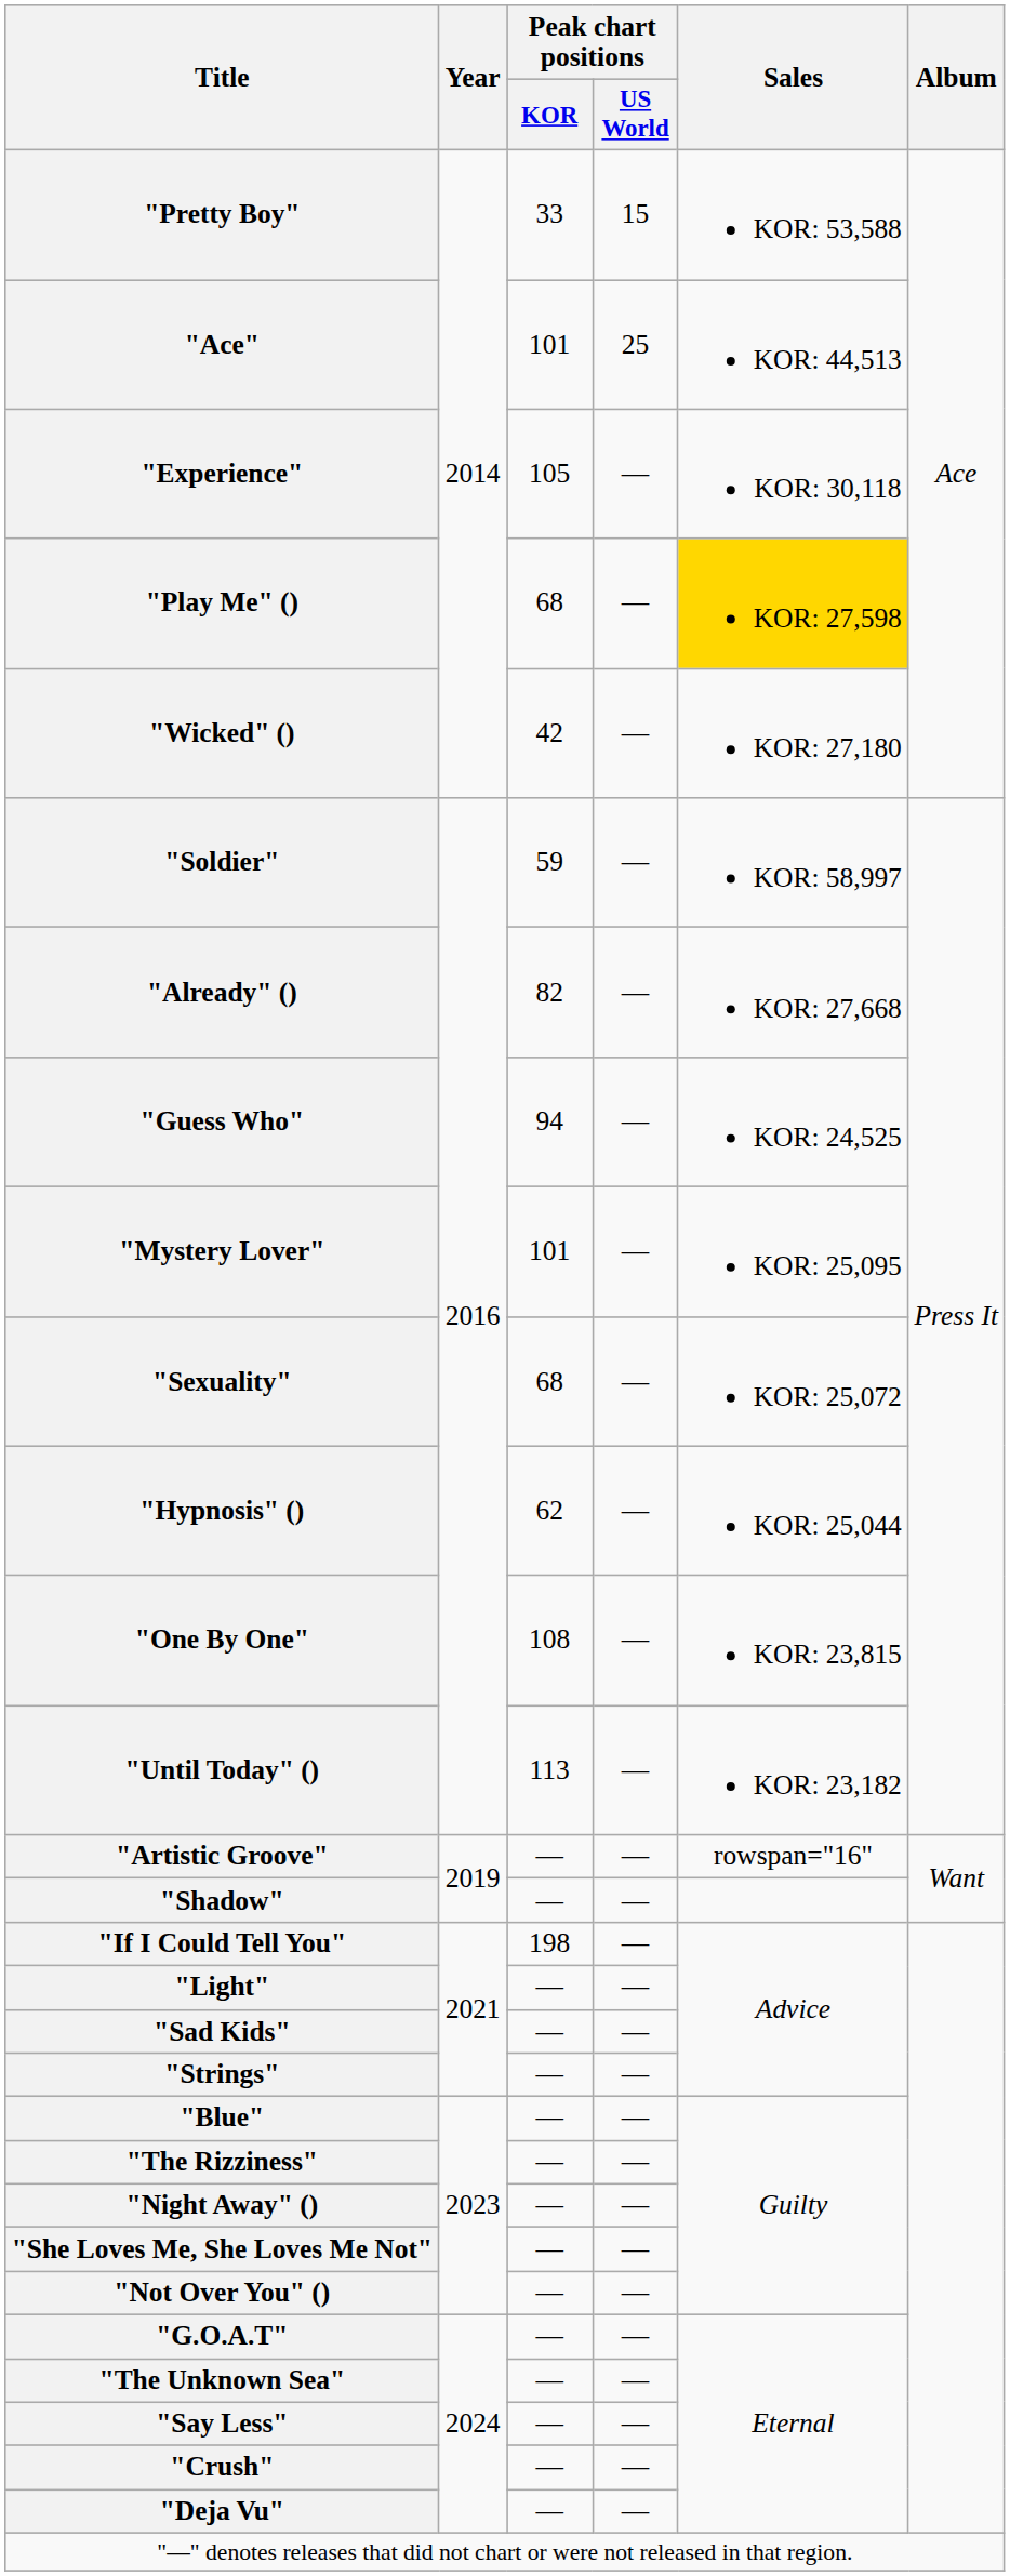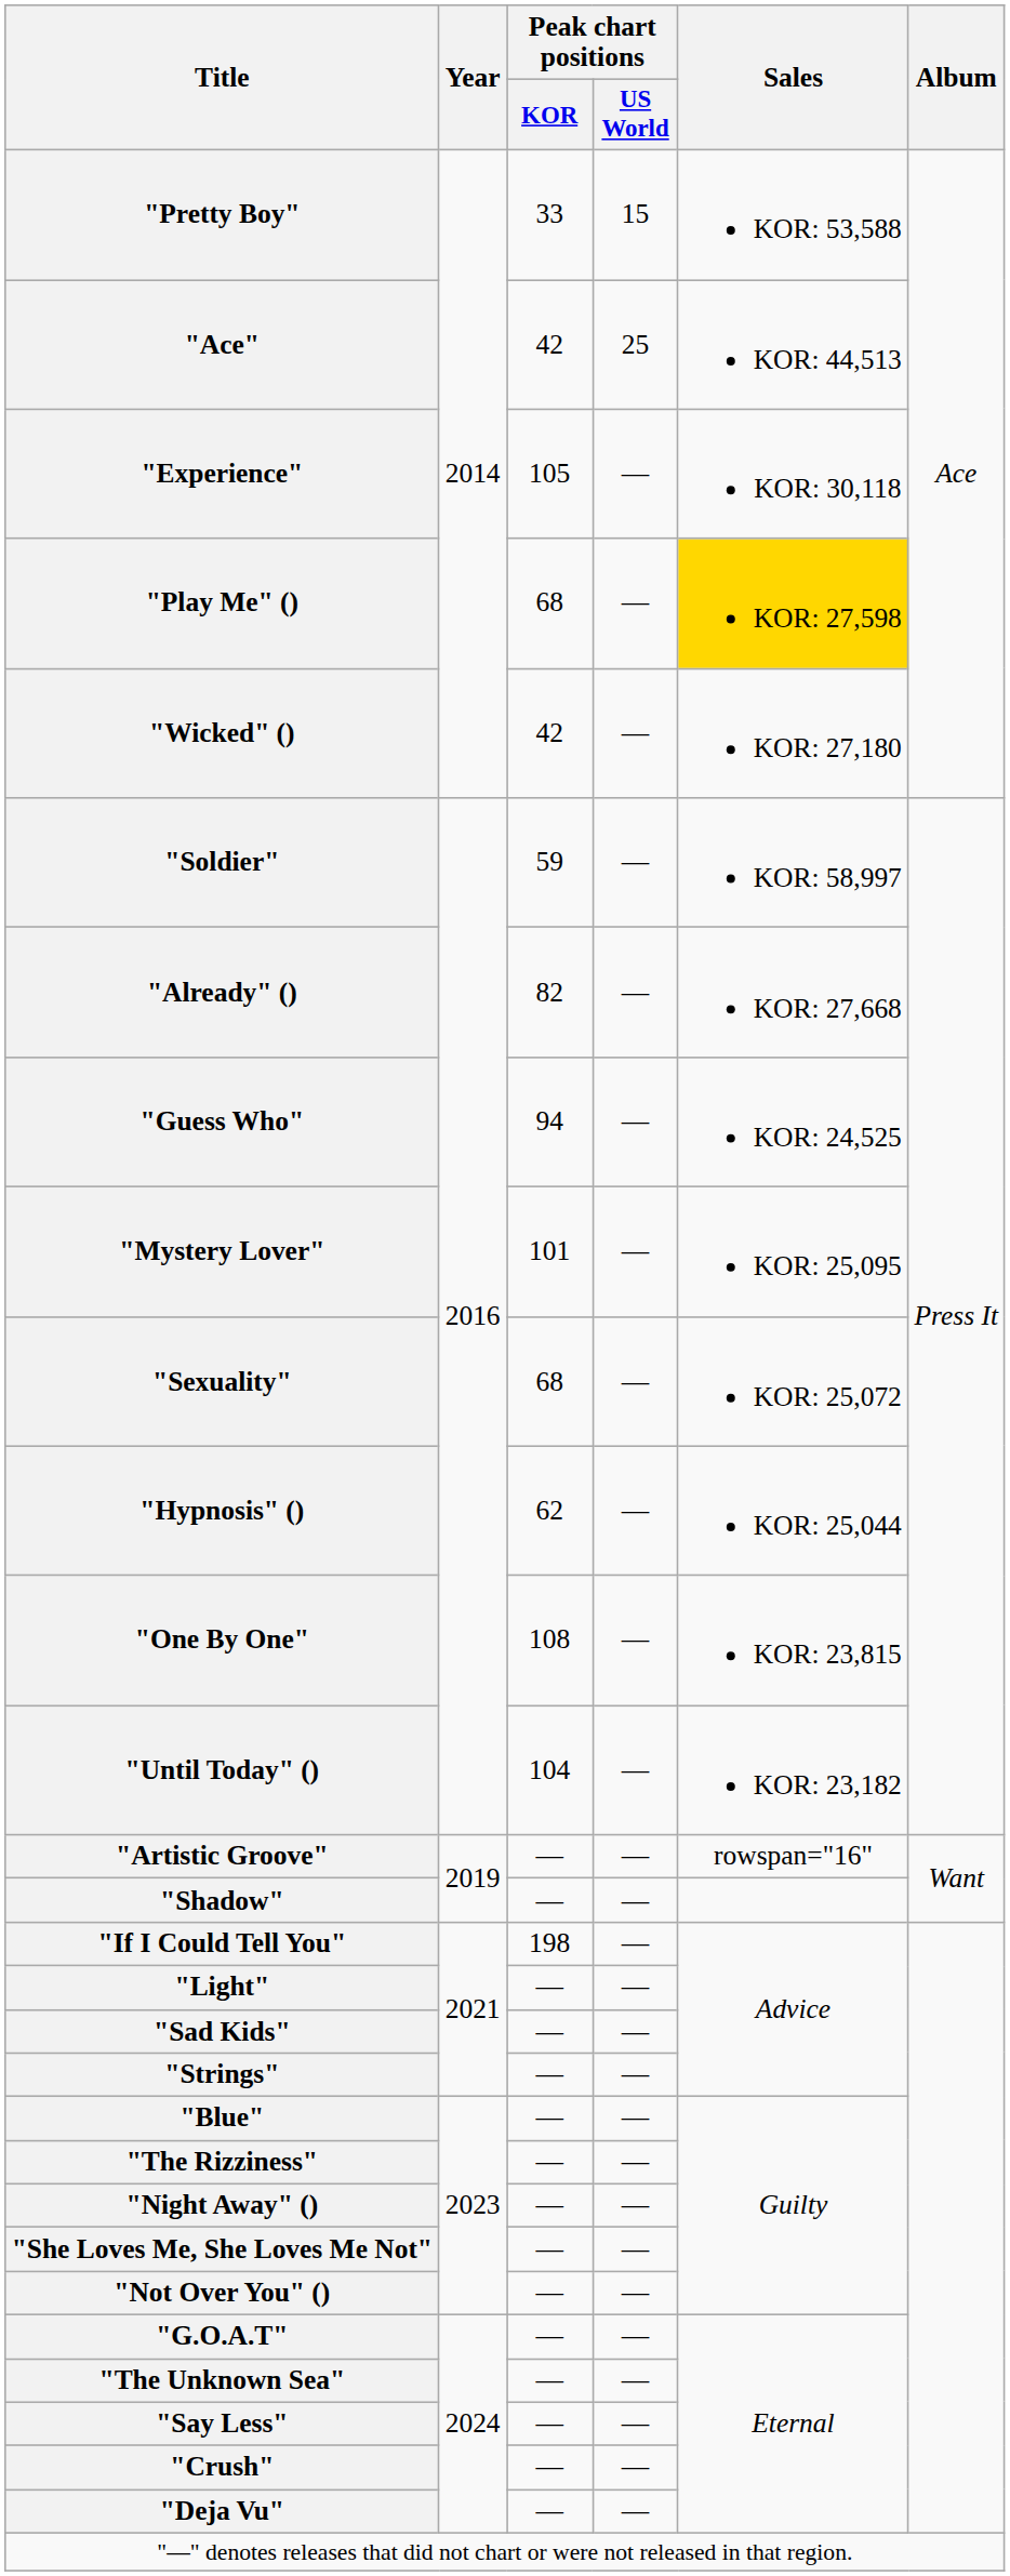 <table class="wikitable plainrowheaders" style="text-align:center;">
 <tr>
 <th scope="col" rowspan="2">Title</th>
 <th scope="col" rowspan="2">Year</th>
 <th scope="col" colspan="2">Peak chart positions</th>
 <th scope="col" rowspan="2">Sales</th>
 <th scope="col" rowspan="2">Album</th>
 </tr>
 <tr>
 <th scope="col" style="width:3em;font-size:90%;"><a href='#'>KOR</a><br></th>
 <th scope="col" style="width:3em;font-size:90%;"><a href='#'>US<br>World</a><br></th>
 </tr>
 <tr>
 <th scope="row">"Pretty Boy"<br></th>
 <td rowspan="5">2014</td>
 <td>33</td>
 <td>15</td>
 <td><br><ul><li>KOR: 53,588</li></ul></td>
 <td rowspan="5"><em>Ace</em></td>
 </tr>
 <tr>
 <th scope="row">"Ace"</th>
-<td>101</td>
+<td>42</td>
 <td>25</td>
 <td><br><ul><li>KOR: 44,513</li></ul></td>
 </tr>
 <tr>
 <th scope="row">"Experience"</th>
 <td>105</td>
 <td>—</td>
 <td><br><ul><li>KOR: 30,118</li></ul></td>
 </tr>
 <tr>
 <th scope="row">"Play Me" ()</th>
 <td>68</td>
 <td>—</td>
 <td style="background: gold;"><br><ul><li>KOR: 27,598</li></ul></td>
 </tr>
 <tr>
 <th scope="row">"Wicked" ()</th>
 <td>42</td>
 <td>—</td>
 <td><br><ul><li>KOR: 27,180</li></ul></td>
 </tr>
 <tr>
 <th scope="row">"Soldier"</th>
 <td rowspan="8">2016</td>
 <td>59</td>
 <td>—</td>
 <td><br><ul><li>KOR: 58,997</li></ul></td>
 <td rowspan="8"><em>Press It</em></td>
 </tr>
 <tr>
 <th scope="row">"Already" ()</th>
 <td>82</td>
 <td>—</td>
 <td><br><ul><li>KOR: 27,668</li></ul></td>
 </tr>
 <tr>
 <th scope="row">"Guess Who"</th>
 <td>94</td>
 <td>—</td>
 <td><br><ul><li>KOR: 24,525</li></ul></td>
 </tr>
 <tr>
 <th scope="row">"Mystery Lover"</th>
 <td>101</td>
 <td>—</td>
 <td><br><ul><li>KOR: 25,095</li></ul></td>
 </tr>
 <tr>
 <th scope="row">"Sexuality"</th>
 <td>68</td>
 <td>—</td>
 <td><br><ul><li>KOR: 25,072</li></ul></td>
 </tr>
 <tr>
 <th scope="row">"Hypnosis" ()</th>
 <td>62</td>
 <td>—</td>
 <td><br><ul><li>KOR: 25,044</li></ul></td>
 </tr>
 <tr>
 <th scope="row">"One By One"</th>
 <td>108</td>
 <td>—</td>
 <td><br><ul><li>KOR: 23,815</li></ul></td>
 </tr>
 <tr>
 <th scope="row">"Until Today" ()</th>
-<td>113</td>
+<td>104</td>
 <td>—</td>
 <td><br><ul><li>KOR: 23,182</li></ul></td>
 </tr>
 <tr>
 <th scope="row">"Artistic Groove"</th>
 <td rowspan="2">2019</td>
 <td>—</td>
 <td>—</td>
 <td>rowspan="16" </td>
 <td rowspan="2"><em>Want</em></td>
 </tr>
 <tr>
 <th scope="row">"Shadow"</th>
 <td>—</td>
 <td>—</td>
 </tr>
 <tr>
 <th scope="row">"If I Could Tell You"<br></th>
 <td rowspan="4">2021</td>
 <td>198</td>
 <td>—</td>
 <td rowspan="4"><em>Advice</em></td>
 </tr>
 <tr>
 <th scope="row">"Light"</th>
 <td>—</td>
 <td>—</td>
 </tr>
 <tr>
 <th scope="row">"Sad Kids"</th>
 <td>—</td>
 <td>—</td>
 </tr>
 <tr>
 <th scope="row">"Strings"</th>
 <td>—</td>
 <td>—</td>
 </tr>
 <tr>
 <th scope="row">"Blue"</th>
 <td rowspan="5">2023</td>
 <td>—</td>
 <td>—</td>
 <td rowspan="5"><em>Guilty</em></td>
 </tr>
 <tr>
 <th scope="row">"The Rizziness"</th>
 <td>—</td>
 <td>—</td>
 </tr>
 <tr>
 <th scope="row">"Night Away" ()</th>
 <td>—</td>
 <td>—</td>
 </tr>
 <tr>
 <th scope="row">"She Loves Me, She Loves Me Not"</th>
 <td>—</td>
 <td>—</td>
 </tr>
 <tr>
 <th scope="row">"Not Over You" ()</th>
 <td>—</td>
 <td>—</td>
 </tr>
 <tr>
 <th scope="row">"G.O.A.T"</th>
 <td rowspan="5">2024</td>
 <td>—</td>
 <td>—</td>
 <td rowspan="5"><em>Eternal</em></td>
 </tr>
 <tr>
 <th scope="row">"The Unknown Sea"</th>
 <td>—</td>
 <td>—</td>
 </tr>
 <tr>
 <th scope="row">"Say Less"</th>
 <td>—</td>
 <td>—</td>
 </tr>
 <tr>
 <th scope="row">"Crush"</th>
 <td>—</td>
 <td>—</td>
 </tr>
 <tr>
 <th scope="row">"Deja Vu"</th>
 <td>—</td>
 <td>—</td>
 </tr>
 <tr>
 <td colspan="6" style="text-align:center; font-size:85%">"—" denotes releases that did not chart or were not released in that region.</td>
 </tr>
 </table>
